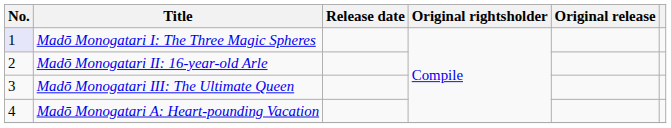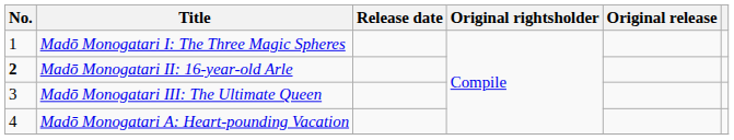 <table class="wikitable sortable" width="auto">
 <tr>
 <th>No.</th>
 <th>Title</th>
 <th>Release date</th>
 <th>Original rightsholder</th>
 <th>Original release</th>
 <th></th>
 </tr>
 <tr>
-<td style="background: lavender;">1</td>
+<td>1</td>
 <td><em><a href='#'>Madō Monogatari I: The Three Magic Spheres</a></em></td>
 <td></td>
 <td rowspan="4"><a href='#'>Compile</a></td>
 <td></td>
 <td></td>
 </tr>
 <tr>
-<td>2</td>
+<td><strong>2</strong></td>
 <td><em><a href='#'>Madō Monogatari II: 16-year-old Arle</a></em></td>
 <td></td>
 <td></td>
 <td></td>
 </tr>
 <tr>
 <td>3</td>
 <td><em><a href='#'>Madō Monogatari III: The Ultimate Queen</a></em></td>
 <td></td>
 <td></td>
 <td></td>
 </tr>
 <tr>
 <td>4</td>
 <td><em><a href='#'>Madō Monogatari A: Heart-pounding Vacation</a></em></td>
 <td></td>
 <td></td>
 <td></td>
 </tr>
 <tr>
 </tr>
 </table>
